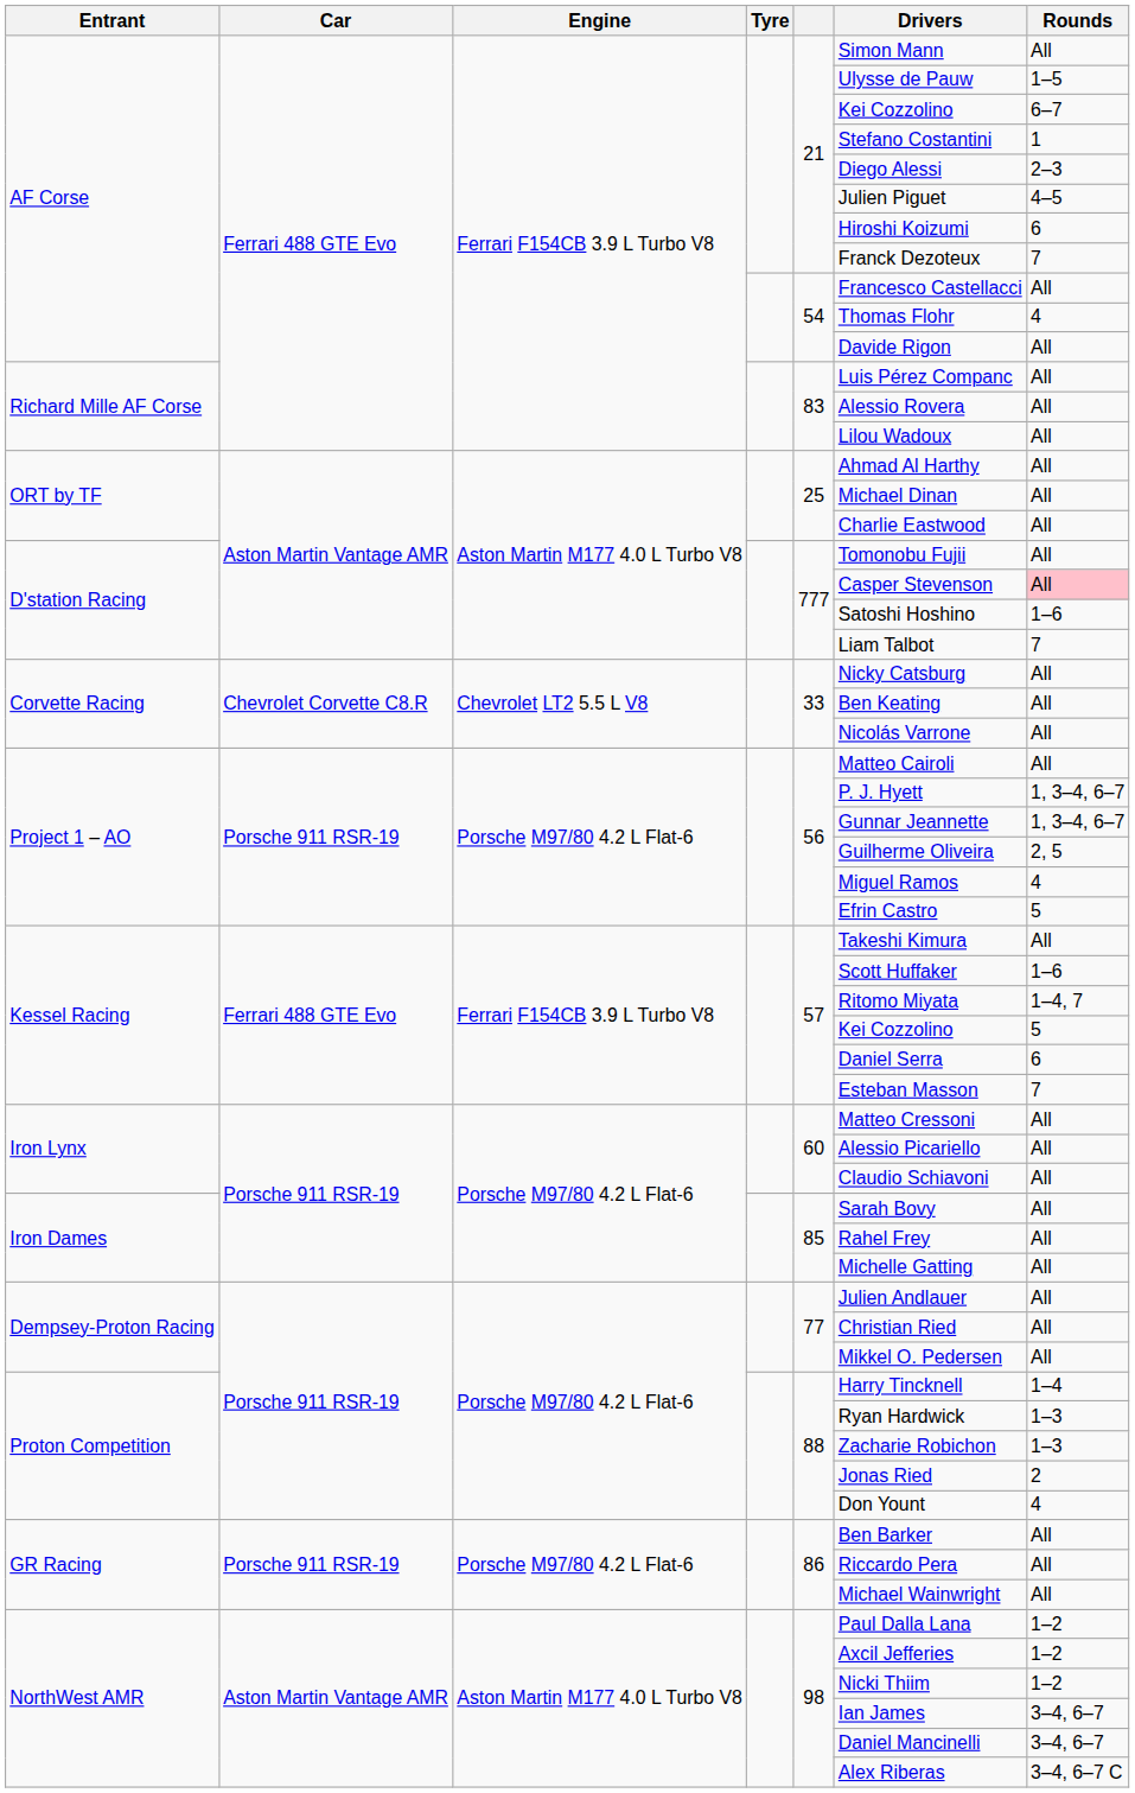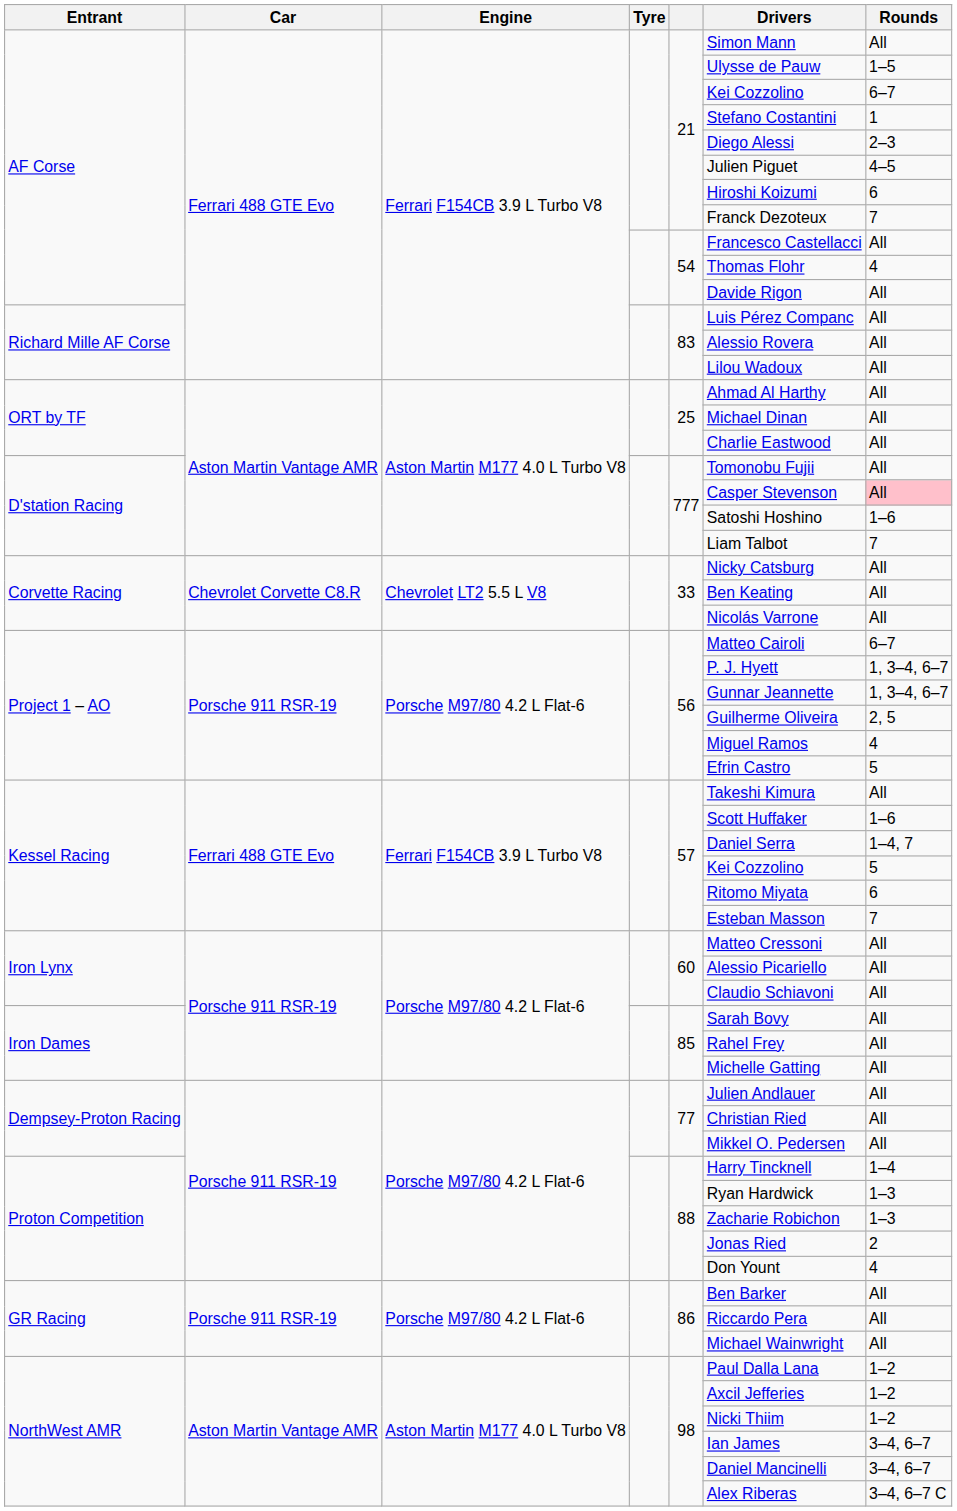 <table class="wikitable" style="font-size: 90%">
 <tr>
 <th>Entrant</th>
 <th>Car</th>
 <th>Engine</th>
 <th>Tyre</th>
 <th></th>
 <th>Drivers</th>
 <th>Rounds</th>
 </tr>
 <tr>
 <td rowspan="11"> <a href='#'>AF Corse</a></td>
 <td rowspan="14"><a href='#'>Ferrari 488 GTE Evo</a></td>
 <td rowspan="14"><a href='#'>Ferrari</a> <a href='#'>F154CB</a> 3.9 L Turbo V8</td>
 <td rowspan="8" align="center"></td>
 <td rowspan="8" align="center">21</td>
 <td> <a href='#'>Simon Mann</a></td>
 <td>All</td>
 </tr>
 <tr>
 <td> <a href='#'>Ulysse de Pauw</a></td>
 <td>1–5</td>
 </tr>
 <tr>
 <td> <a href='#'>Kei Cozzolino</a></td>
 <td>6–7</td>
 </tr>
 <tr>
 <td> <a href='#'>Stefano Costantini</a></td>
 <td>1</td>
 </tr>
 <tr>
 <td> <a href='#'>Diego Alessi</a></td>
 <td>2–3</td>
 </tr>
 <tr>
 <td> Julien Piguet</td>
 <td>4–5</td>
 </tr>
 <tr>
 <td> <a href='#'>Hiroshi Koizumi</a></td>
 <td>6</td>
 </tr>
 <tr>
 <td> Franck Dezoteux</td>
 <td>7</td>
 </tr>
 <tr>
 <td rowspan="3" align="center"></td>
 <td rowspan="3" align="center">54</td>
 <td> <a href='#'>Francesco Castellacci</a></td>
 <td>All</td>
 </tr>
 <tr>
 <td> <a href='#'>Thomas Flohr</a></td>
 <td>4</td>
 </tr>
 <tr>
 <td> <a href='#'>Davide Rigon</a></td>
 <td>All</td>
 </tr>
 <tr>
 <td rowspan="3"> <a href='#'>Richard Mille AF Corse</a></td>
 <td rowspan="3" align="center"></td>
 <td rowspan="3" align="center">83</td>
 <td> <a href='#'>Luis Pérez Companc</a></td>
 <td>All</td>
 </tr>
 <tr>
 <td> <a href='#'>Alessio Rovera</a></td>
 <td>All</td>
 </tr>
 <tr>
 <td> <a href='#'>Lilou Wadoux</a></td>
 <td>All</td>
 </tr>
 <tr>
 <td rowspan="3"> <a href='#'>ORT by TF</a></td>
 <td rowspan="7"><a href='#'>Aston Martin Vantage AMR</a></td>
 <td rowspan="7"><a href='#'>Aston Martin</a> <a href='#'>M177</a> 4.0 L Turbo V8</td>
 <td rowspan="3" align="center"></td>
 <td rowspan="3" align="center">25</td>
 <td> <a href='#'>Ahmad Al Harthy</a></td>
 <td>All</td>
 </tr>
 <tr>
 <td> <a href='#'>Michael Dinan</a></td>
 <td>All</td>
 </tr>
 <tr>
 <td> <a href='#'>Charlie Eastwood</a></td>
 <td>All</td>
 </tr>
 <tr>
 <td rowspan="4"> <a href='#'>D'station Racing</a></td>
 <td rowspan="4" align="center"></td>
 <td rowspan="4" align="center">777</td>
 <td> <a href='#'>Tomonobu Fujii</a></td>
 <td>All</td>
 </tr>
 <tr>
 <td> <a href='#'>Casper Stevenson</a></td>
 <td style="background: pink;">All</td>
 </tr>
 <tr>
 <td> Satoshi Hoshino</td>
 <td>1–6</td>
 </tr>
 <tr>
 <td> Liam Talbot</td>
 <td>7</td>
 </tr>
 <tr>
 <td rowspan="3"> <a href='#'>Corvette Racing</a></td>
 <td rowspan="3"><a href='#'>Chevrolet Corvette C8.R</a></td>
 <td rowspan="3"><a href='#'>Chevrolet</a> <a href='#'>LT2</a> 5.5 L <a href='#'>V8</a></td>
 <td rowspan="3" align="center"></td>
 <td rowspan="3" align="center">33</td>
 <td> <a href='#'>Nicky Catsburg</a></td>
 <td>All</td>
 </tr>
 <tr>
 <td> <a href='#'>Ben Keating</a></td>
 <td>All</td>
 </tr>
 <tr>
 <td> <a href='#'>Nicolás Varrone</a></td>
 <td>All</td>
 </tr>
 <tr>
 <td rowspan="6"> <a href='#'>Project 1</a> – <a href='#'>AO</a></td>
 <td rowspan="6"><a href='#'>Porsche 911 RSR-19</a></td>
 <td rowspan="6"><a href='#'>Porsche</a> <a href='#'>M97/80</a> 4.2 L Flat-6</td>
 <td rowspan="6" align="center"></td>
 <td rowspan="6" align="center">56</td>
 <td> <a href='#'>Matteo Cairoli</a></td>
-<td>All</td>
+<td>6–7</td>
 </tr>
 <tr>
 <td> <a href='#'>P. J. Hyett</a></td>
 <td>1, 3–4, 6–7</td>
 </tr>
 <tr>
 <td> <a href='#'>Gunnar Jeannette</a></td>
 <td>1, 3–4, 6–7</td>
 </tr>
 <tr>
 <td> <a href='#'>Guilherme Oliveira</a></td>
 <td>2, 5</td>
 </tr>
 <tr>
 <td> <a href='#'>Miguel Ramos</a></td>
 <td>4</td>
 </tr>
 <tr>
 <td> <a href='#'>Efrin Castro</a></td>
 <td>5</td>
 </tr>
 <tr>
 <td rowspan="6"> <a href='#'>Kessel Racing</a></td>
 <td rowspan="6"><a href='#'>Ferrari 488 GTE Evo</a></td>
 <td rowspan="6"><a href='#'>Ferrari</a> <a href='#'>F154CB</a> 3.9 L Turbo V8</td>
 <td rowspan="6" align="center"></td>
 <td rowspan="6" align="center">57</td>
 <td> <a href='#'>Takeshi Kimura</a></td>
 <td>All</td>
 </tr>
 <tr>
 <td> <a href='#'>Scott Huffaker</a></td>
 <td>1–6</td>
 </tr>
 <tr>
-<td> <a href='#'>Ritomo Miyata</a></td>
+<td> <a href='#'>Daniel Serra</a></td>
 <td>1–4, 7</td>
 </tr>
 <tr>
 <td> <a href='#'>Kei Cozzolino</a></td>
 <td>5</td>
 </tr>
 <tr>
-<td> <a href='#'>Daniel Serra</a></td>
+<td> <a href='#'>Ritomo Miyata</a></td>
 <td>6</td>
 </tr>
 <tr>
 <td> <a href='#'>Esteban Masson</a></td>
 <td>7</td>
 </tr>
 <tr>
 <td rowspan="3"> <a href='#'>Iron Lynx</a></td>
 <td rowspan="6"><a href='#'>Porsche 911 RSR-19</a></td>
 <td rowspan="6"><a href='#'>Porsche</a> <a href='#'>M97/80</a> 4.2 L Flat-6</td>
 <td rowspan="3" align="center"></td>
 <td rowspan="3" align="center">60</td>
 <td> <a href='#'>Matteo Cressoni</a></td>
 <td>All</td>
 </tr>
 <tr>
 <td> <a href='#'>Alessio Picariello</a></td>
 <td>All</td>
 </tr>
 <tr>
 <td> <a href='#'>Claudio Schiavoni</a></td>
 <td>All</td>
 </tr>
 <tr>
 <td rowspan="3"> <a href='#'>Iron Dames</a></td>
 <td rowspan="3" align="center"></td>
 <td rowspan="3" align="center">85</td>
 <td> <a href='#'>Sarah Bovy</a></td>
 <td>All</td>
 </tr>
 <tr>
 <td> <a href='#'>Rahel Frey</a></td>
 <td>All</td>
 </tr>
 <tr>
 <td> <a href='#'>Michelle Gatting</a></td>
 <td>All</td>
 </tr>
 <tr>
 <td rowspan="3"> <a href='#'>Dempsey-Proton Racing</a></td>
 <td rowspan="8"><a href='#'>Porsche 911 RSR-19</a></td>
 <td rowspan="8"><a href='#'>Porsche</a> <a href='#'>M97/80</a> 4.2 L Flat-6</td>
 <td rowspan="3" align="center"></td>
 <td rowspan="3" align="center">77</td>
 <td> <a href='#'>Julien Andlauer</a></td>
 <td>All</td>
 </tr>
 <tr>
 <td> <a href='#'>Christian Ried</a></td>
 <td>All</td>
 </tr>
 <tr>
 <td> <a href='#'>Mikkel O. Pedersen</a></td>
 <td>All</td>
 </tr>
 <tr>
 <td rowspan="5"> <a href='#'>Proton Competition</a></td>
 <td rowspan="5" align="center"></td>
 <td rowspan="5" align="center">88</td>
 <td> <a href='#'>Harry Tincknell</a></td>
 <td>1–4</td>
 </tr>
 <tr>
 <td> Ryan Hardwick</td>
 <td>1–3</td>
 </tr>
 <tr>
 <td> <a href='#'>Zacharie Robichon</a></td>
 <td>1–3</td>
 </tr>
 <tr>
 <td> <a href='#'>Jonas Ried</a></td>
 <td>2</td>
 </tr>
 <tr>
 <td> Don Yount</td>
 <td>4</td>
 </tr>
 <tr>
 <td rowspan="3"> <a href='#'>GR Racing</a></td>
 <td rowspan="3"><a href='#'>Porsche 911 RSR-19</a></td>
 <td rowspan="3"><a href='#'>Porsche</a> <a href='#'>M97/80</a> 4.2 L Flat-6</td>
 <td rowspan="3" align="center"></td>
 <td rowspan="3" align="center">86</td>
 <td> <a href='#'>Ben Barker</a></td>
 <td>All</td>
 </tr>
 <tr>
 <td> <a href='#'>Riccardo Pera</a></td>
 <td>All</td>
 </tr>
 <tr>
 <td> <a href='#'>Michael Wainwright</a></td>
 <td>All</td>
 </tr>
 <tr>
 <td rowspan="6"> <a href='#'>NorthWest AMR</a></td>
 <td rowspan="6"><a href='#'>Aston Martin Vantage AMR</a></td>
 <td rowspan="6"><a href='#'>Aston Martin</a> <a href='#'>M177</a> 4.0 L Turbo V8</td>
 <td rowspan="6" align="center"></td>
 <td rowspan="6" align="center">98</td>
 <td> <a href='#'>Paul Dalla Lana</a></td>
 <td>1–2</td>
 </tr>
 <tr>
 <td> <a href='#'>Axcil Jefferies</a></td>
 <td>1–2</td>
 </tr>
 <tr>
 <td> <a href='#'>Nicki Thiim</a></td>
 <td>1–2</td>
 </tr>
 <tr>
 <td> <a href='#'>Ian James</a></td>
 <td>3–4, 6–7</td>
 </tr>
 <tr>
 <td> <a href='#'>Daniel Mancinelli</a></td>
 <td>3–4, 6–7</td>
 </tr>
 <tr>
 <td> <a href='#'>Alex Riberas</a></td>
 <td>3–4, 6–7 C</td>
 </tr>
 </table>
